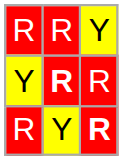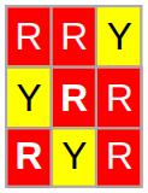 <table class=wikitable style="font-size:90%;text-align:center;">
 <tr>
 <td style="background:#f00;color:#fff;">R</td>
 <td style="background:#f00;color:#fff;">R</td>
 <td style="background:#ff0;color:#000;">Y</td>
 </tr>
 <tr>
 <td style="background:#ff0;color:#000;">Y</td>
 <td style="background:#f00;color:#fff;"><strong>R</strong></td>
 <td style="background:#f00;color:#fff;">R</td>
 </tr>
 <tr>
+<td style="background:#f00;color:#fff;"><strong>R</strong></td>
+<td style="background:#ff0;color:#000;">Y</td>
 <td style="background:#f00;color:#fff;">R</td>
-<td style="background:#ff0;color:#000;">Y</td>
-<td style="background:#f00;color:#fff;"><strong>R</strong></td>
 </tr>
 </table>
